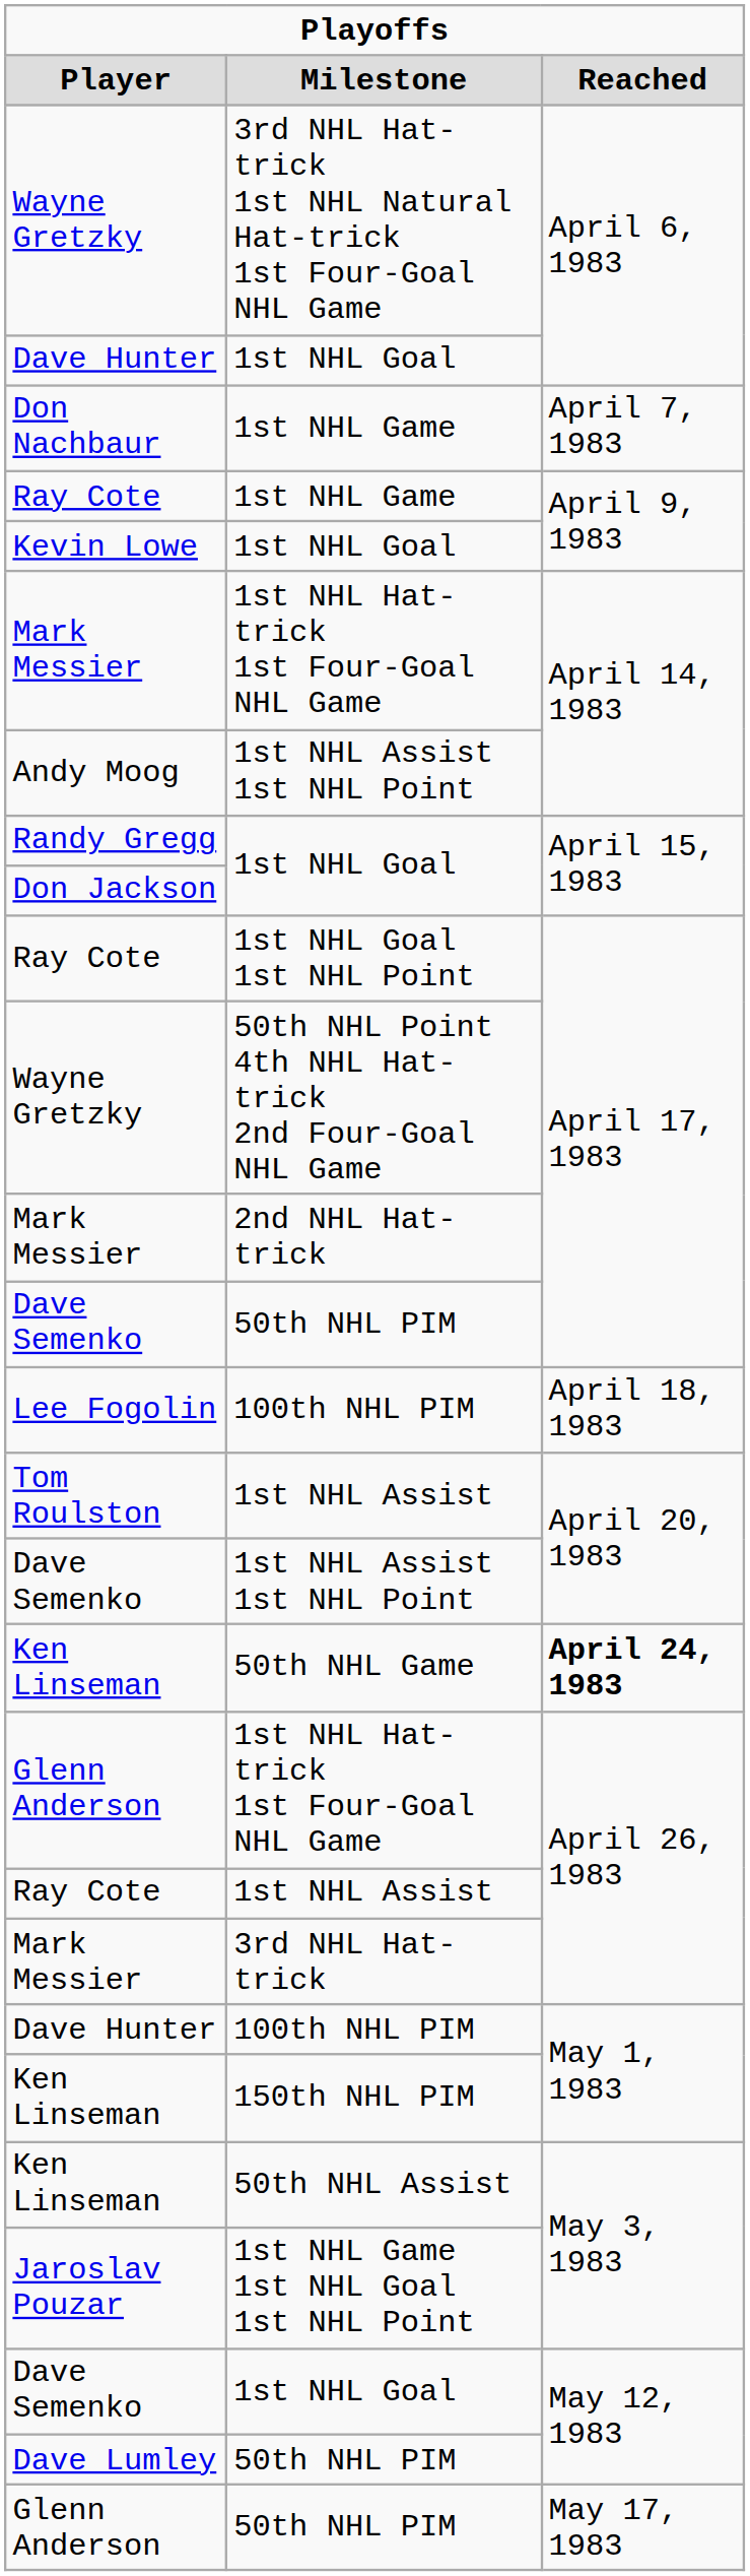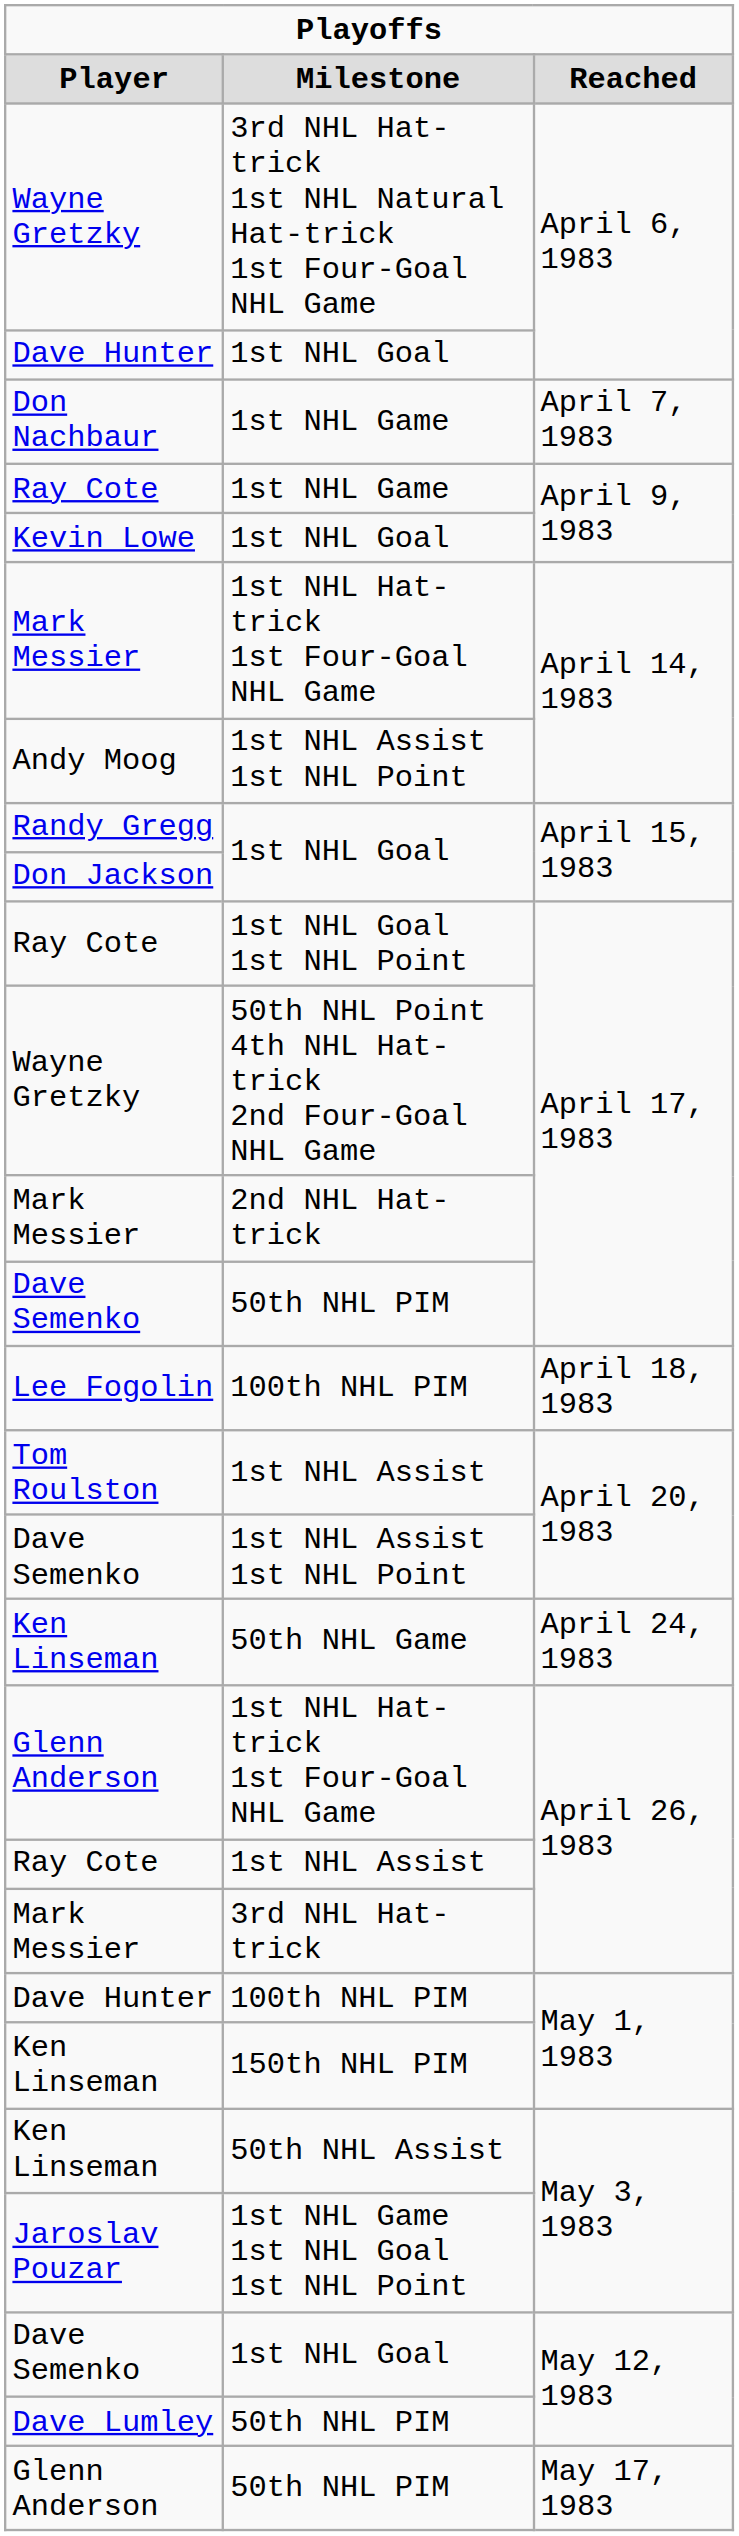 <table class="wikitable" style="width:50%;">
 <tr>
 <td colspan="10" style="text-align:center;"><strong>Playoffs</strong></td>
 </tr>
 <tr style="text-align:center; background:#ddd;">
 <td><strong>Player</strong></td>
 <td><strong>Milestone</strong></td>
 <td><strong>Reached</strong></td>
 </tr>
 <tr>
 <td><a href='#'>Wayne Gretzky</a></td>
 <td>3rd NHL Hat-trick<br>1st NHL Natural Hat-trick<br>1st Four-Goal NHL Game</td>
 <td rowspan="2">April 6, 1983</td>
 </tr>
 <tr>
 <td><a href='#'>Dave Hunter</a></td>
 <td>1st NHL Goal</td>
 </tr>
 <tr>
 <td><a href='#'>Don Nachbaur</a></td>
 <td>1st NHL Game</td>
 <td>April 7, 1983</td>
 </tr>
 <tr>
 <td><a href='#'>Ray Cote</a></td>
 <td>1st NHL Game</td>
 <td rowspan="2">April 9, 1983</td>
 </tr>
 <tr>
 <td><a href='#'>Kevin Lowe</a></td>
 <td>1st NHL Goal</td>
 </tr>
 <tr>
 <td><a href='#'>Mark Messier</a></td>
 <td>1st NHL Hat-trick<br>1st Four-Goal NHL Game</td>
 <td rowspan="2">April 14, 1983</td>
 </tr>
 <tr>
 <td>Andy Moog</td>
 <td>1st NHL Assist<br>1st NHL Point</td>
 </tr>
 <tr>
 <td><a href='#'>Randy Gregg</a></td>
 <td rowspan="2">1st NHL Goal</td>
 <td rowspan="2">April 15, 1983</td>
 </tr>
 <tr>
 <td><a href='#'>Don Jackson</a></td>
 </tr>
 <tr>
 <td>Ray Cote</td>
 <td>1st NHL Goal<br>1st NHL Point</td>
 <td rowspan="4">April 17, 1983</td>
 </tr>
 <tr>
 <td>Wayne Gretzky</td>
 <td>50th NHL Point<br>4th NHL Hat-trick<br>2nd Four-Goal NHL Game</td>
 </tr>
 <tr>
 <td>Mark Messier</td>
 <td>2nd NHL Hat-trick</td>
 </tr>
 <tr>
 <td><a href='#'>Dave Semenko</a></td>
 <td>50th NHL PIM</td>
 </tr>
 <tr>
 <td><a href='#'>Lee Fogolin</a></td>
 <td>100th NHL PIM</td>
 <td>April 18, 1983</td>
 </tr>
 <tr>
 <td><a href='#'>Tom Roulston</a></td>
 <td>1st NHL Assist</td>
 <td rowspan="2">April 20, 1983</td>
 </tr>
 <tr>
 <td>Dave Semenko</td>
 <td>1st NHL Assist<br>1st NHL Point</td>
 </tr>
 <tr>
 <td><a href='#'>Ken Linseman</a></td>
 <td>50th NHL Game</td>
-<td><strong>April 24, 1983</strong></td>
+<td>April 24, 1983</td>
 </tr>
 <tr>
 <td><a href='#'>Glenn Anderson</a></td>
 <td>1st NHL Hat-trick<br>1st Four-Goal NHL Game</td>
 <td rowspan="3">April 26, 1983</td>
 </tr>
 <tr>
 <td>Ray Cote</td>
 <td>1st NHL Assist</td>
 </tr>
 <tr>
 <td>Mark Messier</td>
 <td>3rd NHL Hat-trick</td>
 </tr>
 <tr>
 <td>Dave Hunter</td>
 <td>100th NHL PIM</td>
 <td rowspan="2">May 1, 1983</td>
 </tr>
 <tr>
 <td>Ken Linseman</td>
 <td>150th NHL PIM</td>
 </tr>
 <tr>
 <td>Ken Linseman</td>
 <td>50th NHL Assist</td>
 <td rowspan="2">May 3, 1983</td>
 </tr>
 <tr>
 <td><a href='#'>Jaroslav Pouzar</a></td>
 <td>1st NHL Game<br>1st NHL Goal<br>1st NHL Point</td>
 </tr>
 <tr>
 <td>Dave Semenko</td>
 <td>1st NHL Goal</td>
 <td rowspan="2">May 12, 1983</td>
 </tr>
 <tr>
 <td><a href='#'>Dave Lumley</a></td>
 <td>50th NHL PIM</td>
 </tr>
 <tr>
 <td>Glenn Anderson</td>
 <td>50th NHL PIM</td>
 <td>May 17, 1983</td>
 </tr>
 </table>
